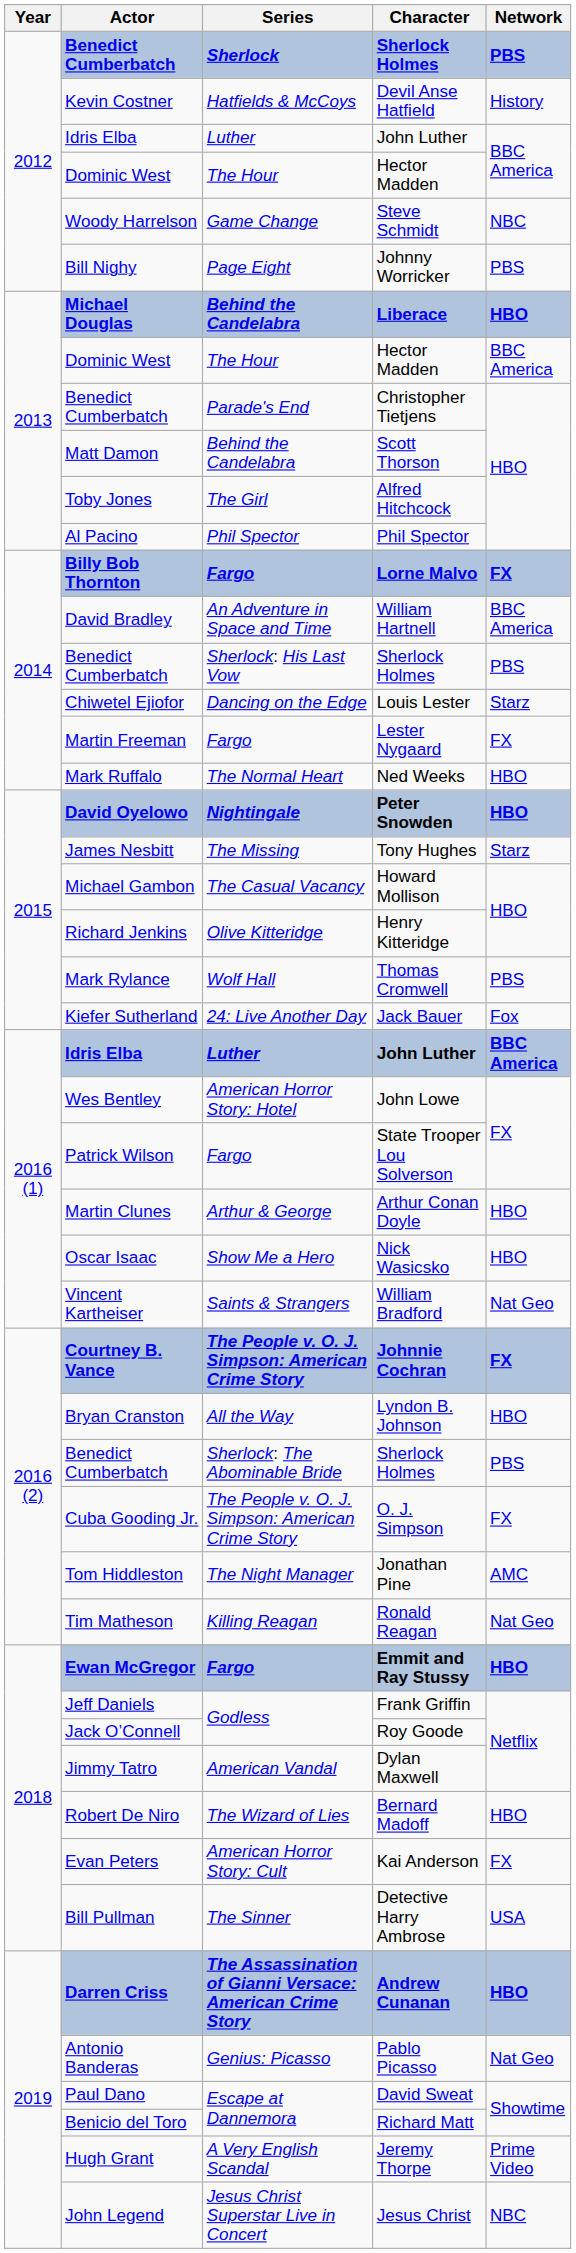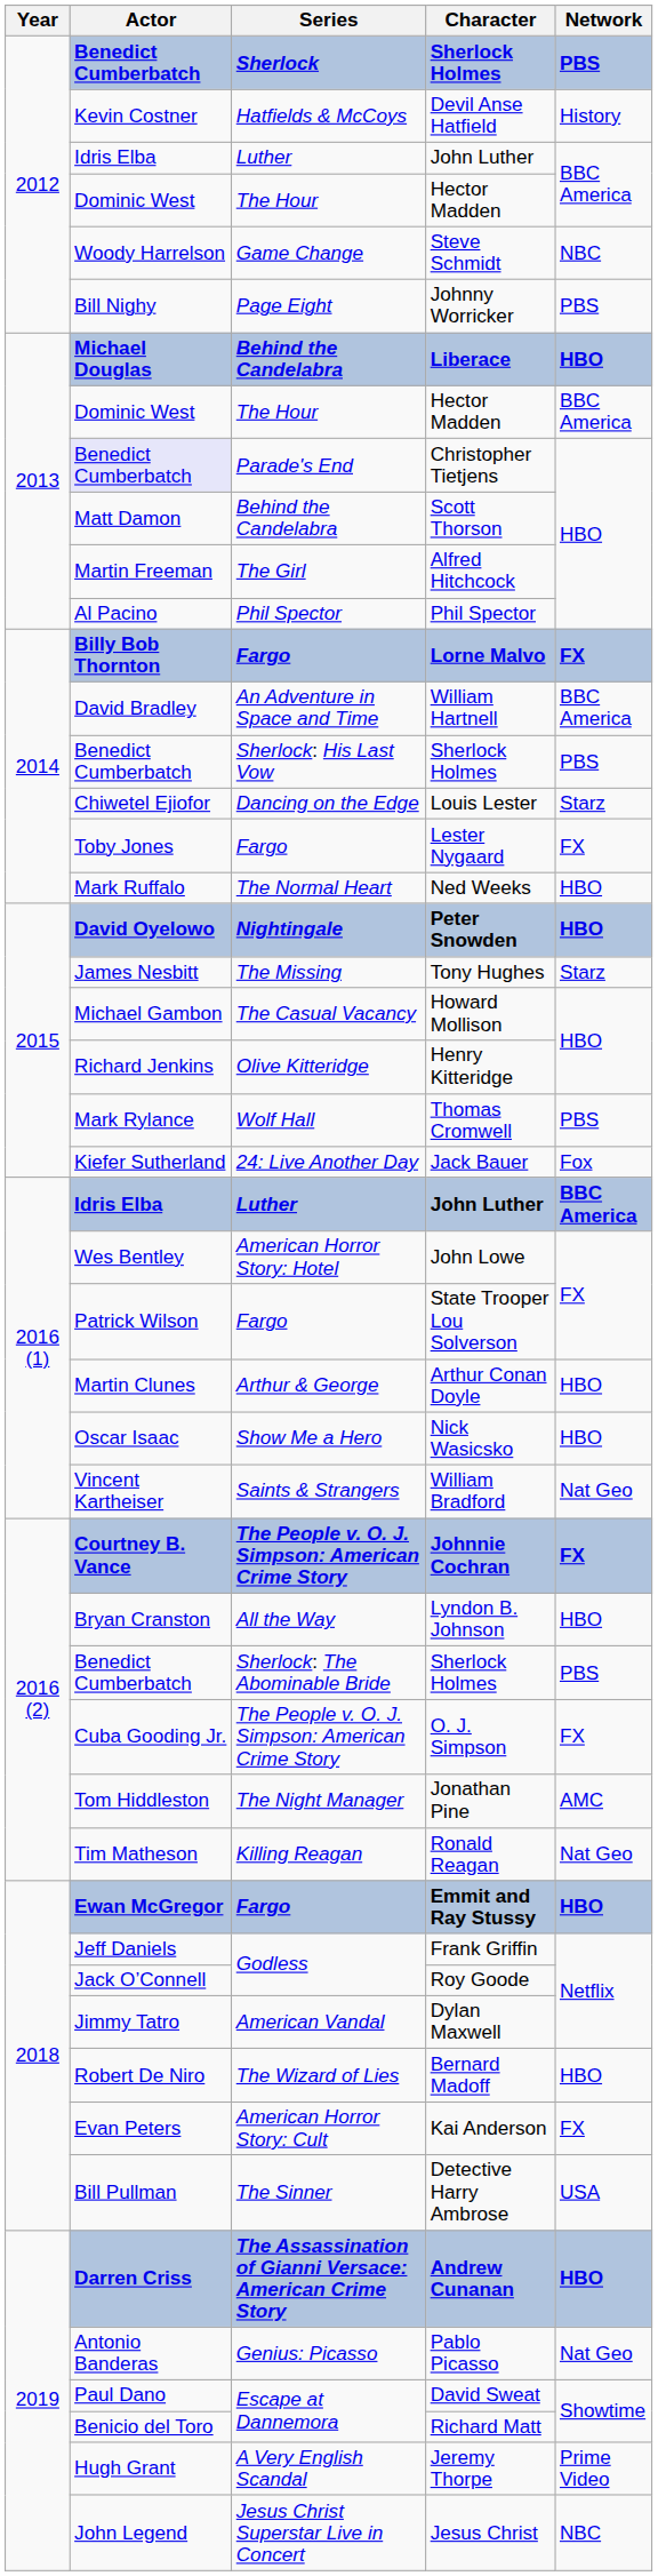 <table class="wikitable" style="width:85%">
 <tr style="background:#bebebe;">
 <th style="width:10%;">Year</th>
 <th style="wodth:25%;">Actor</th>
 <th style="width:30%;">Series</th>
 <th style="width:20%;">Character</th>
 <th style="width:15%;">Network</th>
 </tr>
 <tr>
 <td rowspan="6" style="text-align:center;"><a href='#'>2012</a><br></td>
 <td style="background:#B0C4DE;"><strong><a href='#'>Benedict Cumberbatch</a></strong></td>
 <td style="background:#B0C4DE;"><strong><em><a href='#'>Sherlock</a></em></strong></td>
 <td style="background:#B0C4DE;"><strong><a href='#'>Sherlock Holmes</a></strong></td>
 <td style="background:#B0C4DE;"><strong><a href='#'>PBS</a></strong></td>
 </tr>
 <tr>
 <td><a href='#'>Kevin Costner</a></td>
 <td><em><a href='#'>Hatfields & McCoys</a></em></td>
 <td><a href='#'>Devil Anse Hatfield</a></td>
 <td><a href='#'>History</a></td>
 </tr>
 <tr>
 <td><a href='#'>Idris Elba</a></td>
 <td><em><a href='#'>Luther</a></em></td>
 <td>John Luther</td>
 <td rowspan="2"><a href='#'>BBC America</a></td>
 </tr>
 <tr>
 <td><a href='#'>Dominic West</a></td>
 <td><em><a href='#'>The Hour</a></em></td>
 <td>Hector Madden</td>
 </tr>
 <tr>
 <td><a href='#'>Woody Harrelson</a></td>
 <td><em><a href='#'>Game Change</a></em></td>
 <td><a href='#'>Steve Schmidt</a></td>
 <td><a href='#'>NBC</a></td>
 </tr>
 <tr>
 <td><a href='#'>Bill Nighy</a></td>
 <td><em><a href='#'>Page Eight</a></em></td>
 <td>Johnny Worricker</td>
 <td><a href='#'>PBS</a></td>
 </tr>
 <tr>
 <td rowspan="6" style="text-align:center;"><a href='#'>2013</a><br></td>
 <td style="background:#B0C4DE;"><strong><a href='#'>Michael Douglas</a></strong></td>
 <td style="background:#B0C4DE;"><strong><em><a href='#'>Behind the Candelabra</a></em></strong></td>
 <td style="background:#B0C4DE;"><strong><a href='#'>Liberace</a></strong></td>
 <td style="background:#B0C4DE;"><strong><a href='#'>HBO</a></strong></td>
 </tr>
 <tr>
 <td><a href='#'>Dominic West</a></td>
 <td><em><a href='#'>The Hour</a></em></td>
 <td>Hector Madden</td>
 <td><a href='#'>BBC America</a></td>
 </tr>
 <tr>
-<td><a href='#'>Benedict Cumberbatch</a></td>
+<td style="background: lavender;"><a href='#'>Benedict Cumberbatch</a></td>
 <td><em><a href='#'>Parade's End</a></em></td>
 <td>Christopher Tietjens</td>
 <td rowspan="4"><a href='#'>HBO</a></td>
 </tr>
 <tr>
 <td><a href='#'>Matt Damon</a></td>
 <td><em><a href='#'>Behind the Candelabra</a></em></td>
 <td><a href='#'>Scott Thorson</a></td>
 </tr>
 <tr>
-<td><a href='#'>Toby Jones</a></td>
+<td><a href='#'>Martin Freeman</a></td>
 <td><em><a href='#'>The Girl</a></em></td>
 <td><a href='#'>Alfred Hitchcock</a></td>
 </tr>
 <tr>
 <td><a href='#'>Al Pacino</a></td>
 <td><em><a href='#'>Phil Spector</a></em></td>
 <td><a href='#'>Phil Spector</a></td>
 </tr>
 <tr>
 <td rowspan="6" style="text-align:center;"><a href='#'>2014</a><br></td>
 <td style="background:#B0C4DE;"><strong><a href='#'>Billy Bob Thornton</a></strong></td>
 <td style="background:#B0C4DE;"><strong><em><a href='#'>Fargo</a></em></strong></td>
 <td style="background:#B0C4DE;"><strong><a href='#'>Lorne Malvo</a></strong></td>
 <td style="background:#B0C4DE;"><strong><a href='#'>FX</a></strong></td>
 </tr>
 <tr>
 <td><a href='#'>David Bradley</a></td>
 <td><em><a href='#'>An Adventure in Space and Time</a></em></td>
 <td><a href='#'>William Hartnell</a></td>
 <td><a href='#'>BBC America</a></td>
 </tr>
 <tr>
 <td><a href='#'>Benedict Cumberbatch</a></td>
 <td><em><a href='#'>Sherlock</a></em>: <em><a href='#'>His Last Vow</a></em></td>
 <td><a href='#'>Sherlock Holmes</a></td>
 <td><a href='#'>PBS</a></td>
 </tr>
 <tr>
 <td><a href='#'>Chiwetel Ejiofor</a></td>
 <td><em><a href='#'>Dancing on the Edge</a></em></td>
 <td>Louis Lester</td>
 <td><a href='#'>Starz</a></td>
 </tr>
 <tr>
-<td><a href='#'>Martin Freeman</a></td>
+<td><a href='#'>Toby Jones</a></td>
 <td><em><a href='#'>Fargo</a></em></td>
 <td><a href='#'>Lester Nygaard</a></td>
 <td><a href='#'>FX</a></td>
 </tr>
 <tr>
 <td><a href='#'>Mark Ruffalo</a></td>
 <td><em><a href='#'>The Normal Heart</a></em></td>
 <td>Ned Weeks</td>
 <td><a href='#'>HBO</a></td>
 </tr>
 <tr>
 <td rowspan="6" style="text-align:center;"><a href='#'>2015</a><br></td>
 <td style="background:#B0C4DE;"><strong><a href='#'>David Oyelowo</a></strong></td>
 <td style="background:#B0C4DE;"><strong><em><a href='#'>Nightingale</a></em></strong></td>
 <td style="background:#B0C4DE;"><strong>Peter Snowden</strong></td>
 <td style="background:#B0C4DE;"><strong><a href='#'>HBO</a></strong></td>
 </tr>
 <tr>
 <td><a href='#'>James Nesbitt</a></td>
 <td><em><a href='#'>The Missing</a></em></td>
 <td>Tony Hughes</td>
 <td><a href='#'>Starz</a></td>
 </tr>
 <tr>
 <td><a href='#'>Michael Gambon</a></td>
 <td><em><a href='#'>The Casual Vacancy</a></em></td>
 <td>Howard Mollison</td>
 <td rowspan="2"><a href='#'>HBO</a></td>
 </tr>
 <tr>
 <td><a href='#'>Richard Jenkins</a></td>
 <td><em><a href='#'>Olive Kitteridge</a></em></td>
 <td>Henry Kitteridge</td>
 </tr>
 <tr>
 <td><a href='#'>Mark Rylance</a></td>
 <td><em><a href='#'>Wolf Hall</a></em></td>
 <td><a href='#'>Thomas Cromwell</a></td>
 <td><a href='#'>PBS</a></td>
 </tr>
 <tr>
 <td><a href='#'>Kiefer Sutherland</a></td>
 <td><em><a href='#'>24: Live Another Day</a></em></td>
 <td><a href='#'>Jack Bauer</a></td>
 <td><a href='#'>Fox</a></td>
 </tr>
 <tr>
 <td rowspan="6" style="text-align:center;"><a href='#'>2016 (1)</a><br></td>
 <td style="background:#B0C4DE;"><strong><a href='#'>Idris Elba</a></strong></td>
 <td style="background:#B0C4DE;"><strong><em><a href='#'>Luther</a></em></strong></td>
 <td style="background:#B0C4DE;"><strong>John Luther</strong></td>
 <td style="background:#B0C4DE;"><strong><a href='#'>BBC America</a></strong></td>
 </tr>
 <tr>
 <td><a href='#'>Wes Bentley</a></td>
 <td><em><a href='#'>American Horror Story: Hotel</a></em></td>
 <td>John Lowe</td>
 <td rowspan="2"><a href='#'>FX</a></td>
 </tr>
 <tr>
 <td><a href='#'>Patrick Wilson</a></td>
 <td><em><a href='#'>Fargo</a></em></td>
 <td>State Trooper <a href='#'>Lou Solverson</a></td>
 </tr>
 <tr>
 <td><a href='#'>Martin Clunes</a></td>
 <td><em><a href='#'>Arthur & George</a></em></td>
 <td><a href='#'>Arthur Conan Doyle</a></td>
 <td><a href='#'>HBO</a></td>
 </tr>
 <tr>
 <td><a href='#'>Oscar Isaac</a></td>
 <td><em><a href='#'>Show Me a Hero</a></em></td>
 <td><a href='#'>Nick Wasicsko</a></td>
 <td><a href='#'>HBO</a></td>
 </tr>
 <tr>
 <td><a href='#'>Vincent Kartheiser</a></td>
 <td><em><a href='#'>Saints & Strangers</a></em></td>
 <td><a href='#'>William Bradford</a></td>
 <td><a href='#'>Nat Geo</a></td>
 </tr>
 <tr>
 <td rowspan="6" style="text-align:center;"><a href='#'>2016 (2)</a><br></td>
 <td style="background:#B0C4DE;"><strong><a href='#'>Courtney B. Vance</a></strong></td>
 <td style="background:#B0C4DE;"><strong><em><a href='#'>The People v. O. J. Simpson: American Crime Story</a></em></strong></td>
 <td style="background:#B0C4DE;"><strong><a href='#'>Johnnie Cochran</a></strong></td>
 <td style="background:#B0C4DE;"><strong><a href='#'>FX</a></strong></td>
 </tr>
 <tr>
 <td><a href='#'>Bryan Cranston</a></td>
 <td><em><a href='#'>All the Way</a></em></td>
 <td><a href='#'>Lyndon B. Johnson</a></td>
 <td><a href='#'>HBO</a></td>
 </tr>
 <tr>
 <td><a href='#'>Benedict Cumberbatch</a></td>
 <td><em><a href='#'>Sherlock</a></em>: <em><a href='#'>The Abominable Bride</a></em></td>
 <td><a href='#'>Sherlock Holmes</a></td>
 <td><a href='#'>PBS</a></td>
 </tr>
 <tr>
 <td><a href='#'>Cuba Gooding Jr.</a></td>
 <td><em><a href='#'>The People v. O. J. Simpson: American Crime Story</a></em></td>
 <td><a href='#'>O. J. Simpson</a></td>
 <td><a href='#'>FX</a></td>
 </tr>
 <tr>
 <td><a href='#'>Tom Hiddleston</a></td>
 <td><em><a href='#'>The Night Manager</a></em></td>
 <td>Jonathan Pine</td>
 <td><a href='#'>AMC</a></td>
 </tr>
 <tr>
 <td><a href='#'>Tim Matheson</a></td>
 <td><em><a href='#'>Killing Reagan</a></em></td>
 <td><a href='#'>Ronald Reagan</a></td>
 <td><a href='#'>Nat Geo</a></td>
 </tr>
 <tr>
 <td rowspan="7" style="text-align:center;"><a href='#'>2018</a><br></td>
 <td style="background:#B0C4DE;"><strong><a href='#'>Ewan McGregor</a></strong></td>
 <td style="background:#B0C4DE;"><strong><em><a href='#'>Fargo</a></em></strong></td>
 <td style="background:#B0C4DE;"><strong>Emmit and Ray Stussy</strong></td>
 <td style="background:#B0C4DE;"><strong><a href='#'>HBO</a></strong></td>
 </tr>
 <tr>
 <td><a href='#'>Jeff Daniels</a></td>
 <td rowspan="2"><em><a href='#'>Godless</a></em></td>
 <td>Frank Griffin</td>
 <td rowspan="3"><a href='#'>Netflix</a></td>
 </tr>
 <tr>
 <td><a href='#'>Jack O’Connell</a></td>
 <td>Roy Goode</td>
 </tr>
 <tr>
 <td><a href='#'>Jimmy Tatro</a></td>
 <td><em><a href='#'>American Vandal</a></em></td>
 <td>Dylan Maxwell</td>
 </tr>
 <tr>
 <td><a href='#'>Robert De Niro</a></td>
 <td><em><a href='#'>The Wizard of Lies</a></em></td>
 <td><a href='#'>Bernard Madoff</a></td>
 <td><a href='#'>HBO</a></td>
 </tr>
 <tr>
 <td><a href='#'>Evan Peters</a></td>
 <td><em><a href='#'>American Horror Story: Cult</a></em></td>
 <td>Kai Anderson</td>
 <td><a href='#'>FX</a></td>
 </tr>
 <tr>
 <td><a href='#'>Bill Pullman</a></td>
 <td><em><a href='#'>The Sinner</a></em></td>
 <td>Detective Harry Ambrose</td>
 <td><a href='#'>USA</a></td>
 </tr>
 <tr>
 <td rowspan="6" style="text-align:center;"><a href='#'>2019</a><br></td>
 <td style="background:#B0C4DE;"><strong><a href='#'>Darren Criss</a></strong></td>
 <td style="background:#B0C4DE;"><strong><em><a href='#'>The Assassination of Gianni Versace: American Crime Story</a></em></strong></td>
 <td style="background:#B0C4DE;"><strong><a href='#'>Andrew Cunanan</a></strong></td>
 <td style="background:#B0C4DE;"><strong><a href='#'>HBO</a></strong></td>
 </tr>
 <tr>
 <td><a href='#'>Antonio Banderas</a></td>
 <td><em><a href='#'>Genius: Picasso</a></em></td>
 <td><a href='#'>Pablo Picasso</a></td>
 <td><a href='#'>Nat Geo</a></td>
 </tr>
 <tr>
 <td><a href='#'>Paul Dano</a></td>
 <td rowspan="2"><em><a href='#'>Escape at Dannemora</a></em></td>
 <td><a href='#'>David Sweat</a></td>
 <td rowspan="2"><a href='#'>Showtime</a></td>
 </tr>
 <tr>
 <td><a href='#'>Benicio del Toro</a></td>
 <td><a href='#'>Richard Matt</a></td>
 </tr>
 <tr>
 <td><a href='#'>Hugh Grant</a></td>
 <td><em><a href='#'>A Very English Scandal</a></em></td>
 <td><a href='#'>Jeremy Thorpe</a></td>
 <td><a href='#'>Prime Video</a></td>
 </tr>
 <tr>
 <td><a href='#'>John Legend</a></td>
 <td><em><a href='#'>Jesus Christ Superstar Live in Concert</a></em></td>
 <td><a href='#'>Jesus Christ</a></td>
 <td><a href='#'>NBC</a></td>
 </tr>
 </table>
